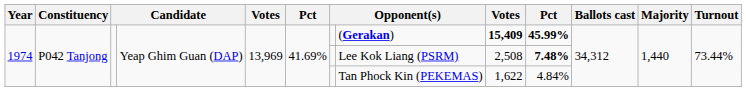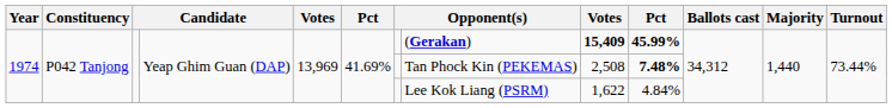 <table class="wikitable" style="margin:0.5em ; font-size:95%">
 <tr>
 <th>Year</th>
 <th>Constituency</th>
 <th colspan=2>Candidate</th>
 <th>Votes</th>
 <th>Pct</th>
 <th colspan=2>Opponent(s)</th>
 <th>Votes</th>
 <th>Pct</th>
 <th>Ballots cast</th>
 <th>Majority</th>
 <th>Turnout</th>
 </tr>
 <tr>
 <td rowspan=3><a href='#'>1974</a></td>
 <td rowspan=3>P042 <a href='#'>Tanjong</a></td>
 <td rowspan=3 ></td>
 <td rowspan=3>Yeap Ghim Guan (<a href='#'>DAP</a>)</td>
 <td rowspan=3 align=right>13,969</td>
 <td rowspan=3>41.69%</td>
 <td></td>
 <td> (<a href='#'><strong>Gerakan</strong></a>)</td>
 <td align=right><strong>15,409</strong></td>
 <td><strong>45.99%</strong></td>
 <td rowspan=3>34,312</td>
 <td rowspan=3>1,440</td>
 <td rowspan=3>73.44%</td>
 </tr>
 <tr>
 <td></td>
-<td>Lee Kok Liang (<a href='#'>PSRM)</a></td>
+<td>Tan Phock Kin (<a href='#'>PEKEMAS</a>)</td>
 <td align=right>2,508</td>
 <td align=right><strong>7.48%</strong></td>
 </tr>
 <tr>
 <td bgcolor=></td>
-<td>Tan Phock Kin (<a href='#'>PEKEMAS</a>)</td>
+<td>Lee Kok Liang (<a href='#'>PSRM)</a></td>
 <td align=right>1,622</td>
 <td align=right>4.84%</td>
 </tr>
 </table>
